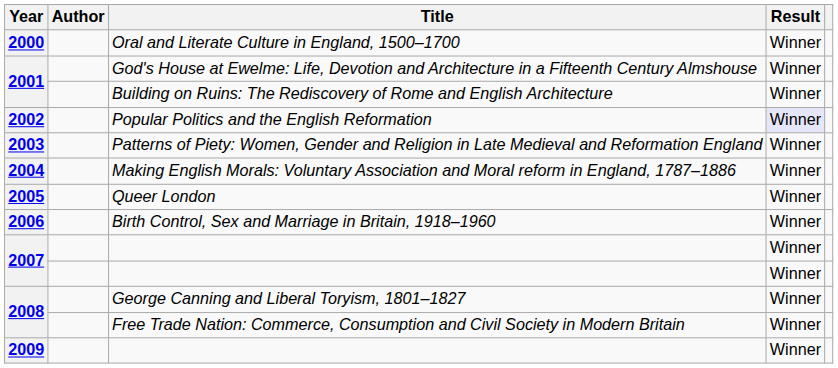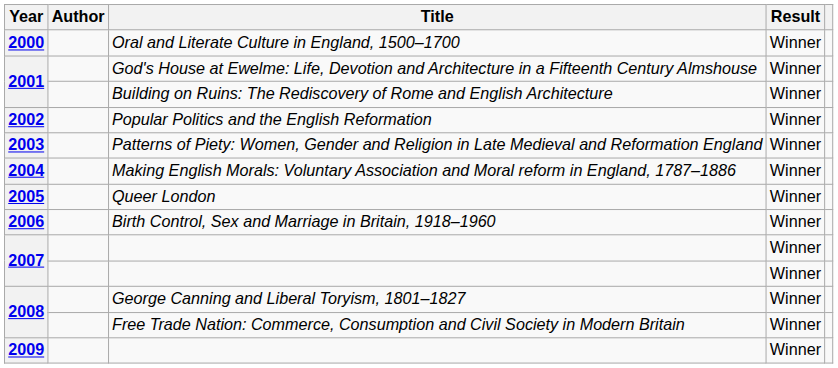 <table class="wikitable sortable mw-collapsible">
 <tr>
 <th scope=col>Year</th>
 <th scope=col>Author</th>
 <th scope=col>Title</th>
 <th scope=col>Result</th>
 <th scope=col class="unsortable"></th>
 </tr>
 <tr>
 <th scope="row"><a href='#'>2000</a></th>
 <td></td>
 <td><em>Oral and Literate Culture in England, 1500–1700</em></td>
 <td>Winner</td>
 <td></td>
 </tr>
 <tr>
 <th scope=rowgroup rowspan="2"><a href='#'>2001</a></th>
 <td></td>
 <td><em>God's House at Ewelme: Life, Devotion and Architecture in a Fifteenth Century Almshouse</em></td>
 <td>Winner</td>
 <td></td>
 </tr>
 <tr>
 <td></td>
 <td><em>Building on Ruins: The Rediscovery of Rome and English Architecture</em></td>
 <td>Winner</td>
 <td></td>
 </tr>
 <tr>
 <th scope="row"><a href='#'>2002</a></th>
 <td></td>
 <td><em>Popular Politics and the English Reformation</em></td>
-<td style="background: lavender;">Winner</td>
+<td>Winner</td>
 <td></td>
 </tr>
 <tr>
 <th scope="row"><a href='#'>2003</a></th>
 <td></td>
 <td><em>Patterns of Piety: Women, Gender and Religion in Late Medieval and Reformation England</em></td>
 <td>Winner</td>
 <td></td>
 </tr>
 <tr>
 <th scope="row"><a href='#'>2004</a></th>
 <td></td>
 <td><em>Making English Morals: Voluntary Association and Moral reform in England, 1787–1886</em></td>
 <td>Winner</td>
 <td></td>
 </tr>
 <tr>
 <th scope="row"><a href='#'>2005</a></th>
 <td></td>
 <td><em>Queer London</em></td>
 <td>Winner</td>
 <td></td>
 </tr>
 <tr>
 <th scope="row"><a href='#'>2006</a></th>
 <td></td>
 <td><em>Birth Control, Sex and Marriage in Britain, 1918–1960</em></td>
 <td>Winner</td>
 <td></td>
 </tr>
 <tr>
 <th scope=rowgroup rowspan="2"><a href='#'>2007</a></th>
 <td></td>
 <td><em></em></td>
 <td>Winner</td>
 <td></td>
 </tr>
 <tr>
 <td></td>
 <td><em></em></td>
 <td>Winner</td>
 <td></td>
 </tr>
 <tr>
 <th scope=rowgroup rowspan="2"><a href='#'>2008</a></th>
 <td></td>
 <td><em>George Canning and Liberal Toryism, 1801–1827</em></td>
 <td>Winner</td>
 <td></td>
 </tr>
 <tr>
 <td></td>
 <td><em>Free Trade Nation: Commerce, Consumption and Civil Society in Modern Britain</em></td>
 <td>Winner</td>
 <td></td>
 </tr>
 <tr>
 <th scope="row"><a href='#'>2009</a></th>
 <td></td>
 <td><em></em></td>
 <td>Winner</td>
 <td></td>
 </tr>
 </table>
